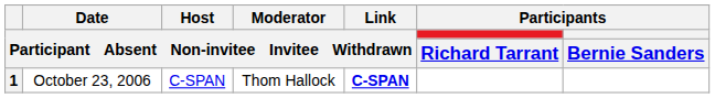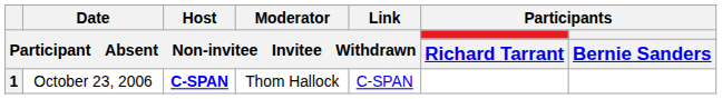 <table class="wikitable mw-collapsible"  style="text-align:center;">
 <tr style="font-size:small;">
 <th scope="col"></th>
 <th scope="col">Date</th>
 <th scope="col">Host</th>
 <th scope="col">Moderator</th>
 <th scope="col">Link</th>
 <th scope="col" colspan="2">Participants</th>
 </tr>
 <tr>
 <th colspan="5" rowspan="2"> <small>Participant  </small> <small>Absent  </small> <small>Non-invitee  </small> <small>Invitee  </small> <small>Withdrawn</small></th>
 <th scope="col" style="background:#E81B23;"></th>
 <th scope="col" style="background:"></th>
 </tr>
 <tr>
 <th scope="col"><a href='#'>Richard Tarrant</a></th>
 <th scope="col"><a href='#'>Bernie Sanders</a></th>
 </tr>
 <tr style="background:#fff; font-size:small;">
 <th scope="row">1</th>
 <td style="white-space:nowrap;">October 23, 2006</td>
+<td style="white-space:nowrap;"><strong><a href='#'>C-SPAN</a></strong></td>
+<td style="white-space:nowrap;">Thom Hallock</td>
 <td style="white-space:nowrap;"><a href='#'>C-SPAN</a></td>
-<td style="white-space:nowrap;">Thom Hallock</td>
-<td style="white-space:nowrap;"><strong><a href='#'>C-SPAN</a></strong></td>
 <td></td>
 <td></td>
 </tr>
 </table>
